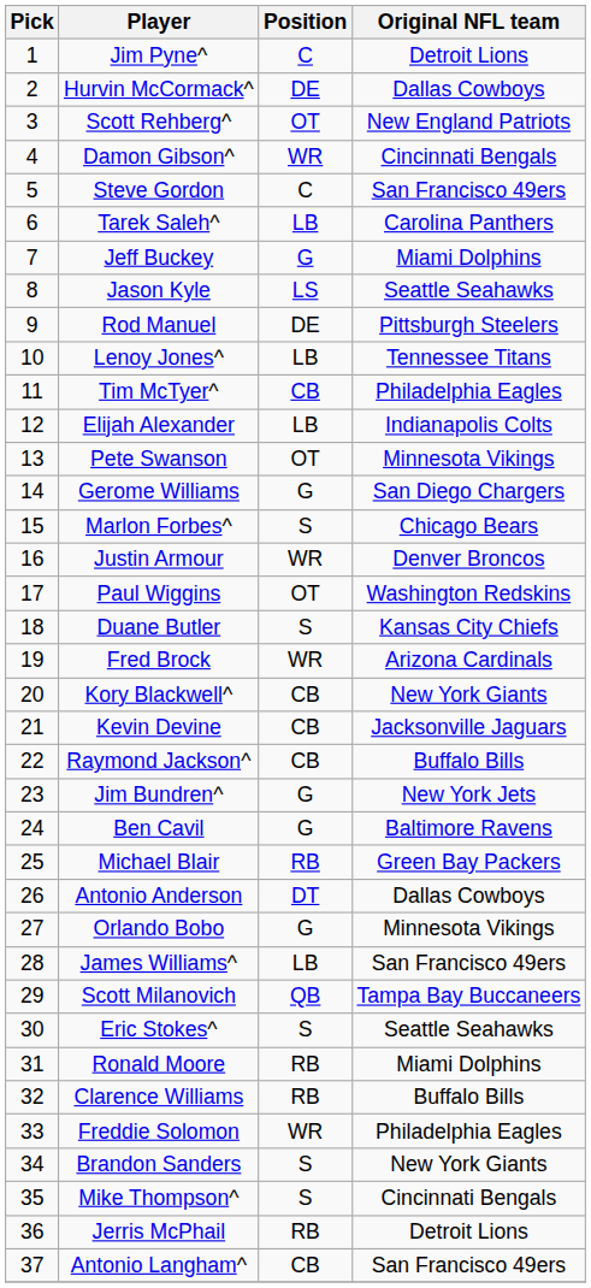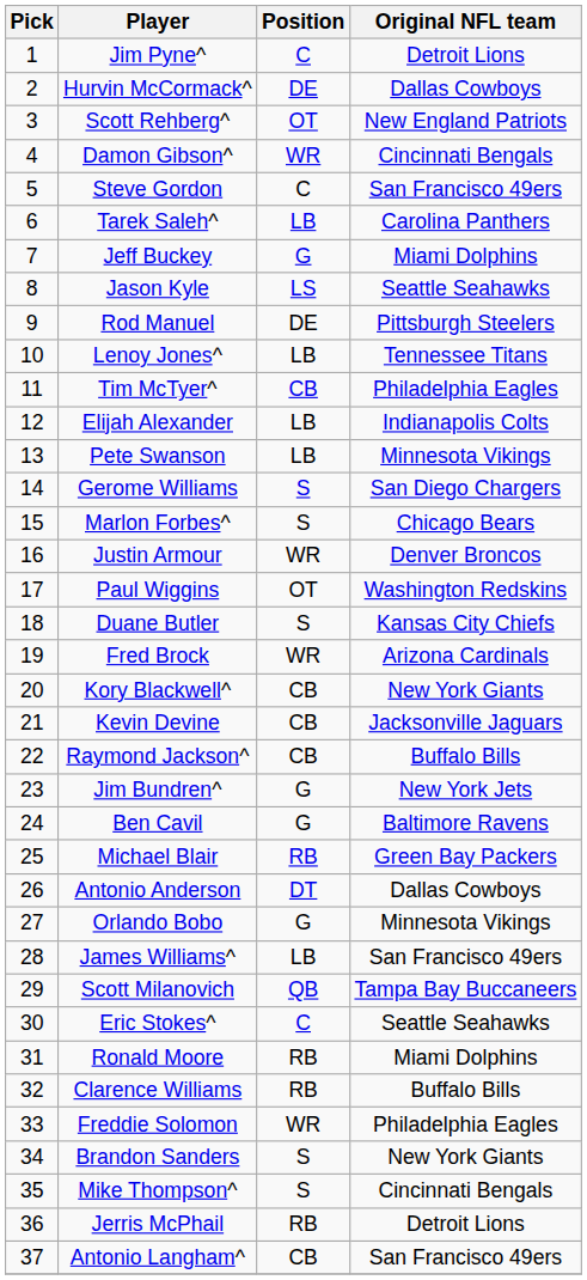 <table class="wikitable sortable" style="text-align:center">
 <tr>
 <th>Pick</th>
 <th>Player</th>
 <th>Position</th>
 <th>Original NFL team</th>
 </tr>
 <tr>
 <td align=center>1</td>
 <td><a href='#'>Jim Pyne</a>^</td>
 <td><a href='#'>C</a></td>
 <td><a href='#'>Detroit Lions</a></td>
 </tr>
 <tr>
 <td align=center>2</td>
 <td><a href='#'>Hurvin McCormack</a>^</td>
 <td><a href='#'>DE</a></td>
 <td><a href='#'>Dallas Cowboys</a></td>
 </tr>
 <tr>
 <td align=center>3</td>
 <td><a href='#'>Scott Rehberg</a>^</td>
 <td><a href='#'>OT</a></td>
 <td><a href='#'>New England Patriots</a></td>
 </tr>
 <tr>
 <td align=center>4</td>
 <td><a href='#'>Damon Gibson</a>^</td>
 <td><a href='#'>WR</a></td>
 <td><a href='#'>Cincinnati Bengals</a></td>
 </tr>
 <tr>
 <td align=center>5</td>
 <td><a href='#'>Steve Gordon</a></td>
 <td>C</td>
 <td><a href='#'>San Francisco 49ers</a></td>
 </tr>
 <tr>
 <td align=center>6</td>
 <td><a href='#'>Tarek Saleh</a>^</td>
 <td><a href='#'>LB</a></td>
 <td><a href='#'>Carolina Panthers</a></td>
 </tr>
 <tr>
 <td align=center>7</td>
 <td><a href='#'>Jeff Buckey</a></td>
 <td><a href='#'>G</a></td>
 <td><a href='#'>Miami Dolphins</a></td>
 </tr>
 <tr>
 <td align=center>8</td>
 <td><a href='#'>Jason Kyle</a></td>
 <td><a href='#'>LS</a></td>
 <td><a href='#'>Seattle Seahawks</a></td>
 </tr>
 <tr>
 <td align=center>9</td>
 <td><a href='#'>Rod Manuel</a></td>
 <td>DE</td>
 <td><a href='#'>Pittsburgh Steelers</a></td>
 </tr>
 <tr>
 <td align=center>10</td>
 <td><a href='#'>Lenoy Jones</a>^</td>
 <td>LB</td>
 <td><a href='#'>Tennessee Titans</a></td>
 </tr>
 <tr>
 <td align=center>11</td>
 <td><a href='#'>Tim McTyer</a>^</td>
 <td><a href='#'>CB</a></td>
 <td><a href='#'>Philadelphia Eagles</a></td>
 </tr>
 <tr>
 <td align=center>12</td>
 <td><a href='#'>Elijah Alexander</a></td>
 <td>LB</td>
 <td><a href='#'>Indianapolis Colts</a></td>
 </tr>
 <tr>
 <td align=center>13</td>
 <td><a href='#'>Pete Swanson</a></td>
-<td>OT</td>
+<td>LB</td>
 <td><a href='#'>Minnesota Vikings</a></td>
 </tr>
 <tr>
 <td align=center>14</td>
 <td><a href='#'>Gerome Williams</a></td>
-<td>G</td>
+<td><a href='#'>S</a></td>
 <td><a href='#'>San Diego Chargers</a></td>
 </tr>
 <tr>
 <td align=center>15</td>
 <td><a href='#'>Marlon Forbes</a>^</td>
 <td>S</td>
 <td><a href='#'>Chicago Bears</a></td>
 </tr>
 <tr>
 <td align=center>16</td>
 <td><a href='#'>Justin Armour</a></td>
 <td>WR</td>
 <td><a href='#'>Denver Broncos</a></td>
 </tr>
 <tr>
 <td align=center>17</td>
 <td><a href='#'>Paul Wiggins</a></td>
 <td>OT</td>
 <td><a href='#'>Washington Redskins</a></td>
 </tr>
 <tr>
 <td align=center>18</td>
 <td><a href='#'>Duane Butler</a></td>
 <td>S</td>
 <td><a href='#'>Kansas City Chiefs</a></td>
 </tr>
 <tr>
 <td align=center>19</td>
 <td><a href='#'>Fred Brock</a></td>
 <td>WR</td>
 <td><a href='#'>Arizona Cardinals</a></td>
 </tr>
 <tr>
 <td align=center>20</td>
 <td><a href='#'>Kory Blackwell</a>^</td>
 <td>CB</td>
 <td><a href='#'>New York Giants</a></td>
 </tr>
 <tr>
 <td align=center>21</td>
 <td><a href='#'>Kevin Devine</a></td>
 <td>CB</td>
 <td><a href='#'>Jacksonville Jaguars</a></td>
 </tr>
 <tr>
 <td align=center>22</td>
 <td><a href='#'>Raymond Jackson</a>^</td>
 <td>CB</td>
 <td><a href='#'>Buffalo Bills</a></td>
 </tr>
 <tr>
 <td align=center>23</td>
 <td><a href='#'>Jim Bundren</a>^</td>
 <td>G</td>
 <td><a href='#'>New York Jets</a></td>
 </tr>
 <tr>
 <td align=center>24</td>
 <td><a href='#'>Ben Cavil</a></td>
 <td>G</td>
 <td><a href='#'>Baltimore Ravens</a></td>
 </tr>
 <tr>
 <td align=center>25</td>
 <td><a href='#'>Michael Blair</a></td>
 <td><a href='#'>RB</a></td>
 <td><a href='#'>Green Bay Packers</a></td>
 </tr>
 <tr>
 <td align=center>26</td>
 <td><a href='#'>Antonio Anderson</a></td>
 <td><a href='#'>DT</a></td>
 <td>Dallas Cowboys</td>
 </tr>
 <tr>
 <td align=center>27</td>
 <td><a href='#'>Orlando Bobo</a></td>
 <td>G</td>
 <td>Minnesota Vikings</td>
 </tr>
 <tr>
 <td align=center>28</td>
 <td><a href='#'>James Williams</a>^</td>
 <td>LB</td>
 <td>San Francisco 49ers</td>
 </tr>
 <tr>
 <td align=center>29</td>
 <td><a href='#'>Scott Milanovich</a></td>
 <td><a href='#'>QB</a></td>
 <td><a href='#'>Tampa Bay Buccaneers</a></td>
 </tr>
 <tr>
 <td align=center>30</td>
 <td><a href='#'>Eric Stokes</a>^</td>
-<td>S</td>
+<td><a href='#'>C</a></td>
 <td>Seattle Seahawks</td>
 </tr>
 <tr>
 <td align=center>31</td>
 <td><a href='#'>Ronald Moore</a></td>
 <td>RB</td>
 <td>Miami Dolphins</td>
 </tr>
 <tr>
 <td align=center>32</td>
 <td><a href='#'>Clarence Williams</a></td>
 <td>RB</td>
 <td>Buffalo Bills</td>
 </tr>
 <tr>
 <td align=center>33</td>
 <td><a href='#'>Freddie Solomon</a></td>
 <td>WR</td>
 <td>Philadelphia Eagles</td>
 </tr>
 <tr>
 <td align=center>34</td>
 <td><a href='#'>Brandon Sanders</a></td>
 <td>S</td>
 <td>New York Giants</td>
 </tr>
 <tr>
 <td align=center>35</td>
 <td><a href='#'>Mike Thompson</a>^</td>
 <td>S</td>
 <td>Cincinnati Bengals</td>
 </tr>
 <tr>
 <td align=center>36</td>
 <td><a href='#'>Jerris McPhail</a></td>
 <td>RB</td>
 <td>Detroit Lions</td>
 </tr>
 <tr>
 <td align=center>37</td>
 <td><a href='#'>Antonio Langham</a>^</td>
 <td>CB</td>
 <td>San Francisco 49ers</td>
 </tr>
 <tr>
 </tr>
 </table>
